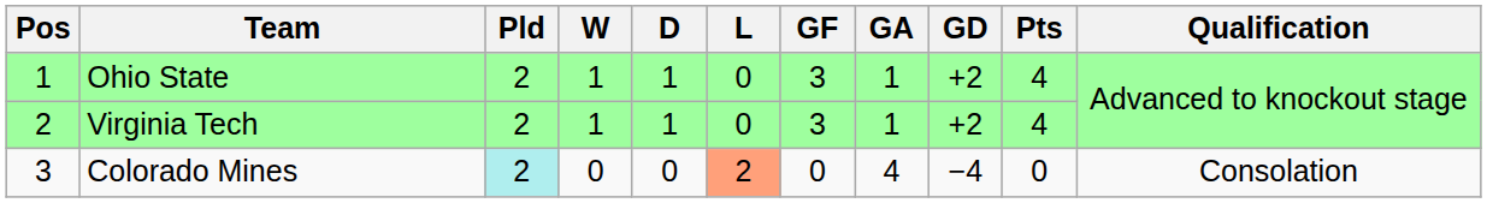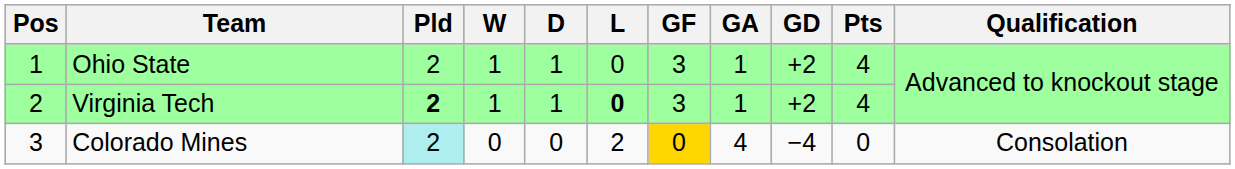 <table class="wikitable" style="text-align:center; margin: 1em auto">
 <tr>
 <th style="width:2em">Pos</th>
 <th style="width:13em">Team</th>
 <th style="width:2em">Pld</th>
 <th style="width:2em">W</th>
 <th style="width:2em">D</th>
 <th style="width:2em">L</th>
 <th style="width:2em">GF</th>
 <th style="width:2em">GA</th>
 <th style="width:2em">GD</th>
 <th style="width:2em">Pts</th>
 <th style="width:13em">Qualification</th>
 </tr>
 <tr bgcolor="#9eff9e">
 <td>1</td>
 <td style="text-align:left">Ohio State</td>
 <td>2</td>
 <td>1</td>
 <td>1</td>
 <td>0</td>
 <td>3</td>
 <td>1</td>
 <td>+2</td>
 <td>4</td>
 <td rowspan="2">Advanced to knockout stage</td>
 </tr>
 <tr bgcolor="#9eff9e">
 <td>2</td>
 <td style="text-align:left">Virginia Tech</td>
-<td>2</td>
+<td><strong>2</strong></td>
 <td>1</td>
 <td>1</td>
-<td>0</td>
+<td><strong>0</strong></td>
 <td>3</td>
 <td>1</td>
 <td>+2</td>
 <td>4</td>
 </tr>
 <tr>
 <td>3</td>
 <td style="text-align:left">Colorado Mines</td>
 <td style="background: paleturquoise;">2</td>
 <td>0</td>
 <td>0</td>
-<td style="background: lightsalmon;">2</td>
-<td>0</td>
+<td>2</td>
+<td style="background: gold;">0</td>
 <td>4</td>
 <td>−4</td>
 <td>0</td>
 <td>Consolation</td>
 </tr>
 </table>
